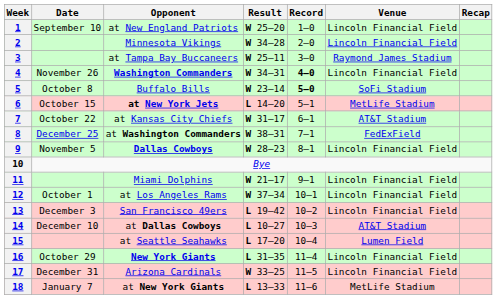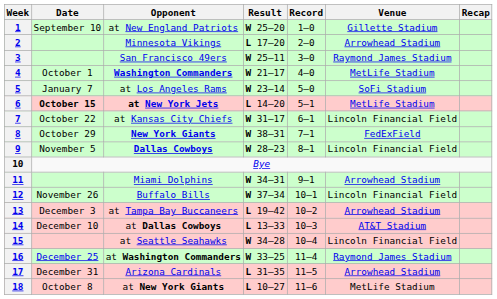 <table class="wikitable" style="text-align:center">
 <tr>
 <th>Week</th>
 <th>Date</th>
 <th>Opponent</th>
 <th>Result</th>
 <th>Record</th>
 <th>Venue</th>
 <th>Recap</th>
 </tr>
 <tr style="background:#cfc">
 <th><a href='#'>1</a></th>
 <td>September 10</td>
 <td>at <a href='#'>New England Patriots</a></td>
 <td><strong>W</strong> 25–20</td>
 <td>1–0</td>
-<td>Lincoln Financial Field</td>
+<td><a href='#'>Gillette Stadium</a></td>
 <td></td>
 </tr>
 <tr style="background:#cfc">
 <th><a href='#'>2</a></th>
 <td></td>
 <td><a href='#'>Minnesota Vikings</a></td>
-<td><strong>W</strong> 34–28</td>
+<td><strong>L</strong> 17–20</td>
 <td>2–0</td>
-<td><a href='#'>Lincoln Financial Field</a></td>
+<td><a href='#'>Arrowhead Stadium</a></td>
 <td></td>
 </tr>
 <tr style="background:#cfc">
 <th><a href='#'>3</a></th>
 <td></td>
-<td>at <a href='#'>Tampa Bay Buccaneers</a></td>
+<td><a href='#'>San Francisco 49ers</a></td>
 <td><strong>W</strong> 25–11</td>
 <td>3–0</td>
 <td><a href='#'>Raymond James Stadium</a></td>
 <td></td>
 </tr>
 <tr style="background:#cfc">
 <th><a href='#'>4</a></th>
-<td>November 26</td>
+<td>October 1</td>
 <td><strong><a href='#'>Washington Commanders</a></strong></td>
-<td><strong>W</strong> 34–31 </td>
-<td><strong>4–0</strong></td>
-<td>Lincoln Financial Field</td>
+<td><strong>W</strong> 21–17</td>
+<td>4–0</td>
+<td><a href='#'>MetLife Stadium</a></td>
 <td></td>
 </tr>
 <tr style="background:#cfc">
 <th><a href='#'>5</a></th>
-<td>October 8</td>
-<td><a href='#'>Buffalo Bills</a></td>
+<td>January 7</td>
+<td>at <a href='#'>Los Angeles Rams</a></td>
 <td><strong>W</strong> 23–14</td>
-<td><strong>5–0</strong></td>
+<td>5–0</td>
 <td><a href='#'>SoFi Stadium</a></td>
 <td></td>
 </tr>
 <tr style="background:#fcc">
 <th><a href='#'>6</a></th>
-<td>October 15</td>
+<td><strong>October 15</strong></td>
 <td><strong>at <a href='#'>New York Jets</a></strong></td>
 <td><strong>L</strong> 14–20</td>
 <td>5–1</td>
 <td><a href='#'>MetLife Stadium</a></td>
 <td></td>
 </tr>
 <tr style="background:#cfc">
 <th><a href='#'>7</a></th>
 <td>October 22</td>
 <td>at <a href='#'>Kansas City Chiefs</a></td>
 <td><strong>W</strong> 31–17</td>
 <td>6–1</td>
-<td><a href='#'>AT&T Stadium</a></td>
+<td>Lincoln Financial Field</td>
 <td></td>
 </tr>
 <tr style="background:#cfc">
 <th><a href='#'>8</a></th>
-<td><a href='#'>December 25</a></td>
-<td>at <strong>Washington Commanders</strong></td>
+<td>October 29</td>
+<td><strong><a href='#'>New York Giants</a></strong></td>
 <td><strong>W</strong> 38–31</td>
 <td>7–1</td>
 <td><a href='#'>FedExField</a></td>
 <td></td>
 </tr>
 <tr style="background:#cfc">
 <th><a href='#'>9</a></th>
 <td>November 5</td>
 <td><strong><a href='#'>Dallas Cowboys</a></strong></td>
 <td><strong>W</strong> 28–23</td>
 <td>8–1</td>
 <td>Lincoln Financial Field</td>
 <td></td>
 </tr>
 <tr>
 <th>10</th>
 <td colspan="6"><em><a href='#'>Bye</a></em></td>
 </tr>
 <tr style="background:#cfc">
 <th><a href='#'>11</a></th>
 <td></td>
 <td><a href='#'>Miami Dolphins</a></td>
-<td><strong>W</strong> 21–17</td>
+<td><strong>W</strong> 34–31 </td>
 <td>9–1</td>
-<td>Lincoln Financial Field</td>
+<td><a href='#'>Arrowhead Stadium</a></td>
 <td></td>
 </tr>
 <tr style="background:#cfc">
 <th><a href='#'>12</a></th>
-<td>October 1</td>
-<td>at <a href='#'>Los Angeles Rams</a></td>
+<td>November 26</td>
+<td><a href='#'>Buffalo Bills</a></td>
 <td><strong>W</strong> 37–34 </td>
 <td>10–1</td>
 <td>Lincoln Financial Field</td>
 <td></td>
 </tr>
 <tr style="background:#fcc">
 <th><a href='#'>13</a></th>
 <td>December 3</td>
-<td><a href='#'>San Francisco 49ers</a></td>
+<td>at <a href='#'>Tampa Bay Buccaneers</a></td>
 <td><strong>L</strong> 19–42</td>
 <td>10–2</td>
-<td>Lincoln Financial Field</td>
+<td><a href='#'>Arrowhead Stadium</a></td>
 <td></td>
 </tr>
 <tr style="background:#fcc">
 <th><a href='#'>14</a></th>
 <td>December 10</td>
 <td>at <strong>Dallas Cowboys</strong></td>
-<td><strong>L</strong> 10–27</td>
+<td><strong>L</strong> 13–33</td>
 <td>10–3</td>
 <td><a href='#'>AT&T Stadium</a></td>
 <td></td>
 </tr>
 <tr style="background:#fcc">
 <th><a href='#'>15</a></th>
 <td></td>
 <td>at <a href='#'>Seattle Seahawks</a></td>
-<td><strong>L</strong> 17–20</td>
+<td><strong>W</strong> 34–28</td>
 <td>10–4</td>
-<td><a href='#'>Lumen Field</a></td>
+<td>Lincoln Financial Field</td>
 <td></td>
 </tr>
 <tr style="background:#cfc">
 <th><a href='#'>16</a></th>
-<td>October 29</td>
-<td><strong><a href='#'>New York Giants</a></strong></td>
-<td><strong>L</strong> 31–35</td>
+<td><a href='#'>December 25</a></td>
+<td>at <strong>Washington Commanders</strong></td>
+<td><strong>W</strong> 33–25</td>
 <td>11–4</td>
-<td>Lincoln Financial Field</td>
+<td><a href='#'>Raymond James Stadium</a></td>
 <td></td>
 </tr>
 <tr style="background:#fcc">
 <th><a href='#'>17</a></th>
 <td>December 31</td>
 <td><a href='#'>Arizona Cardinals</a></td>
-<td><strong>W</strong> 33–25</td>
+<td><strong>L</strong> 31–35</td>
 <td>11–5</td>
-<td>Lincoln Financial Field</td>
+<td><a href='#'>Arrowhead Stadium</a></td>
 <td></td>
 </tr>
 <tr style="background:#fcc">
 <th><a href='#'>18</a></th>
-<td>January 7</td>
+<td>October 8</td>
 <td>at <strong>New York Giants</strong></td>
-<td><strong>L</strong> 13–33</td>
+<td><strong>L</strong> 10–27</td>
 <td>11–6</td>
 <td>MetLife Stadium</td>
 <td></td>
 </tr>
 </table>
